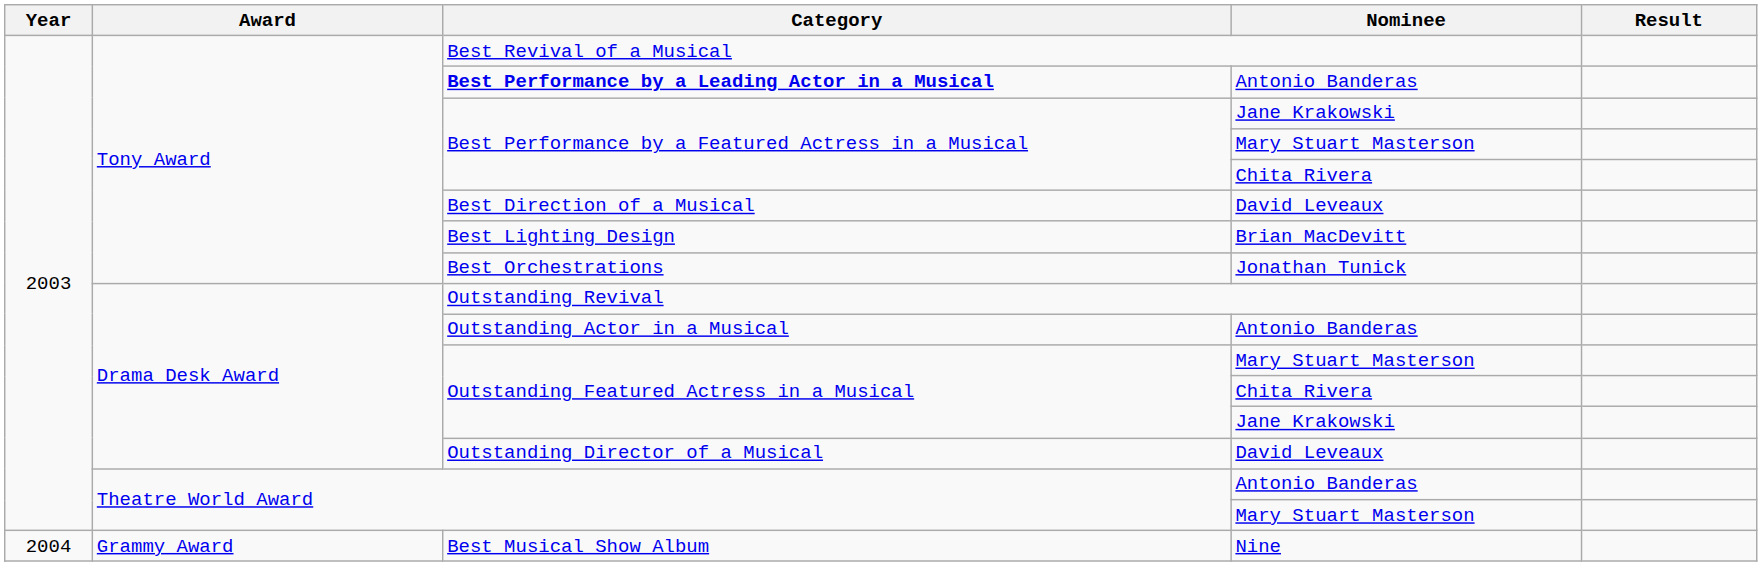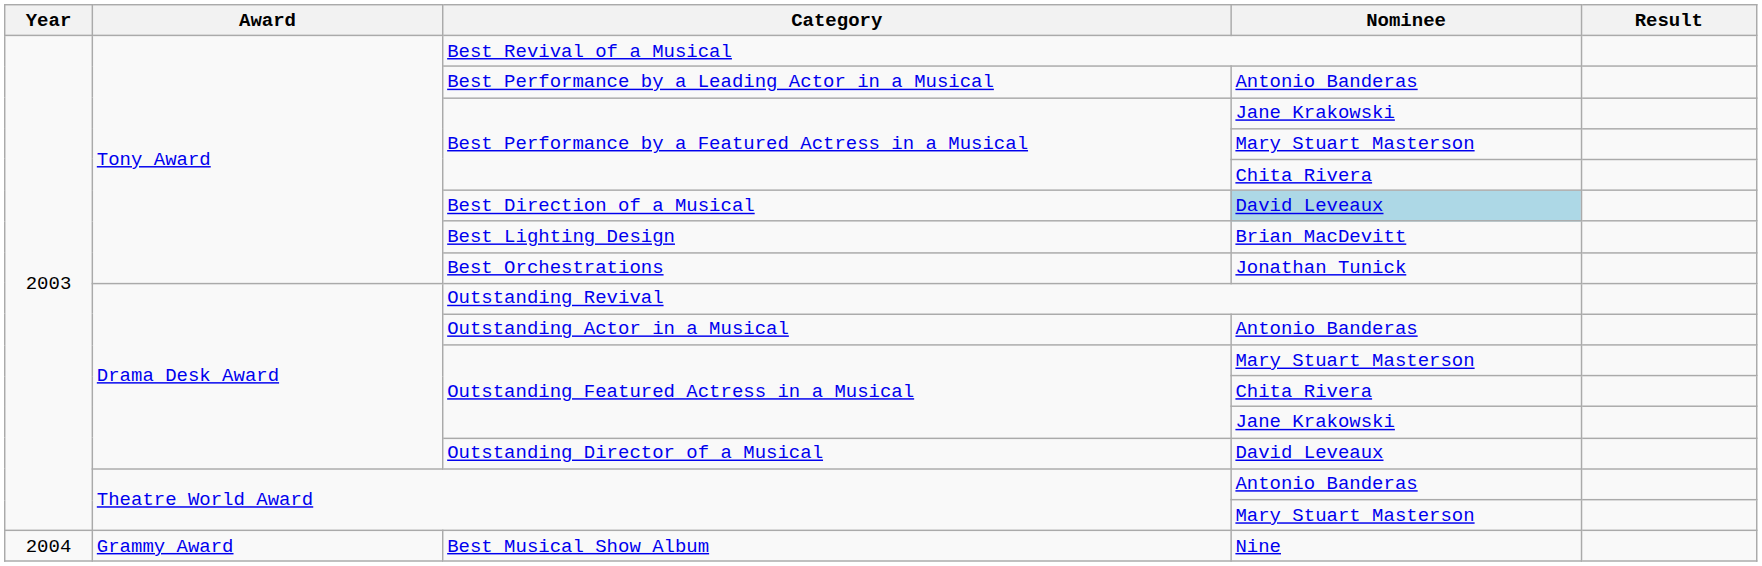 <table class="wikitable" width="95%">
 <tr>
 <th width="5%">Year</th>
 <th width="20%">Award</th>
 <th width="45%">Category</th>
 <th width="20%">Nominee</th>
 <th width="10%">Result</th>
 </tr>
 <tr>
 <td rowspan="16" align="center">2003</td>
 <td rowspan="8"><a href='#'>Tony Award</a></td>
 <td colspan="2"><a href='#'>Best Revival of a Musical</a></td>
 <td></td>
 </tr>
 <tr>
-<td><strong><a href='#'>Best Performance by a Leading Actor in a Musical</a></strong></td>
+<td><a href='#'>Best Performance by a Leading Actor in a Musical</a></td>
 <td><a href='#'>Antonio Banderas</a></td>
 <td></td>
 </tr>
 <tr>
 <td rowspan="3"><a href='#'>Best Performance by a Featured Actress in a Musical</a></td>
 <td><a href='#'>Jane Krakowski</a></td>
 <td></td>
 </tr>
 <tr>
 <td><a href='#'>Mary Stuart Masterson</a></td>
 <td></td>
 </tr>
 <tr>
 <td><a href='#'>Chita Rivera</a></td>
 <td></td>
 </tr>
 <tr>
 <td><a href='#'>Best Direction of a Musical</a></td>
-<td><a href='#'>David Leveaux</a></td>
+<td style="background: lightblue;"><a href='#'>David Leveaux</a></td>
 <td></td>
 </tr>
 <tr>
 <td><a href='#'>Best Lighting Design</a></td>
 <td><a href='#'>Brian MacDevitt</a></td>
 <td></td>
 </tr>
 <tr>
 <td><a href='#'>Best Orchestrations</a></td>
 <td><a href='#'>Jonathan Tunick</a></td>
 <td></td>
 </tr>
 <tr>
 <td rowspan="6"><a href='#'>Drama Desk Award</a></td>
 <td colspan="2"><a href='#'>Outstanding Revival</a></td>
 <td></td>
 </tr>
 <tr>
 <td><a href='#'>Outstanding Actor in a Musical</a></td>
 <td><a href='#'>Antonio Banderas</a></td>
 <td></td>
 </tr>
 <tr>
 <td rowspan="3"><a href='#'>Outstanding Featured Actress in a Musical</a></td>
 <td><a href='#'>Mary Stuart Masterson</a></td>
 <td></td>
 </tr>
 <tr>
 <td><a href='#'>Chita Rivera</a></td>
 <td></td>
 </tr>
 <tr>
 <td><a href='#'>Jane Krakowski</a></td>
 <td></td>
 </tr>
 <tr>
 <td><a href='#'>Outstanding Director of a Musical</a></td>
 <td><a href='#'>David Leveaux</a></td>
 <td></td>
 </tr>
 <tr>
 <td rowspan="2" colspan="2"><a href='#'>Theatre World Award</a></td>
 <td><a href='#'>Antonio Banderas</a></td>
 <td></td>
 </tr>
 <tr>
 <td><a href='#'>Mary Stuart Masterson</a></td>
 <td></td>
 </tr>
 <tr>
 <td rowspan="6" align="center">2004</td>
 <td rowspan="5"><a href='#'>Grammy Award</a></td>
 <td rowspan="2"><a href='#'>Best Musical Show Album</a></td>
 <td><a href='#'>Nine</a></td>
 <td></td>
 </tr>
 </table>
